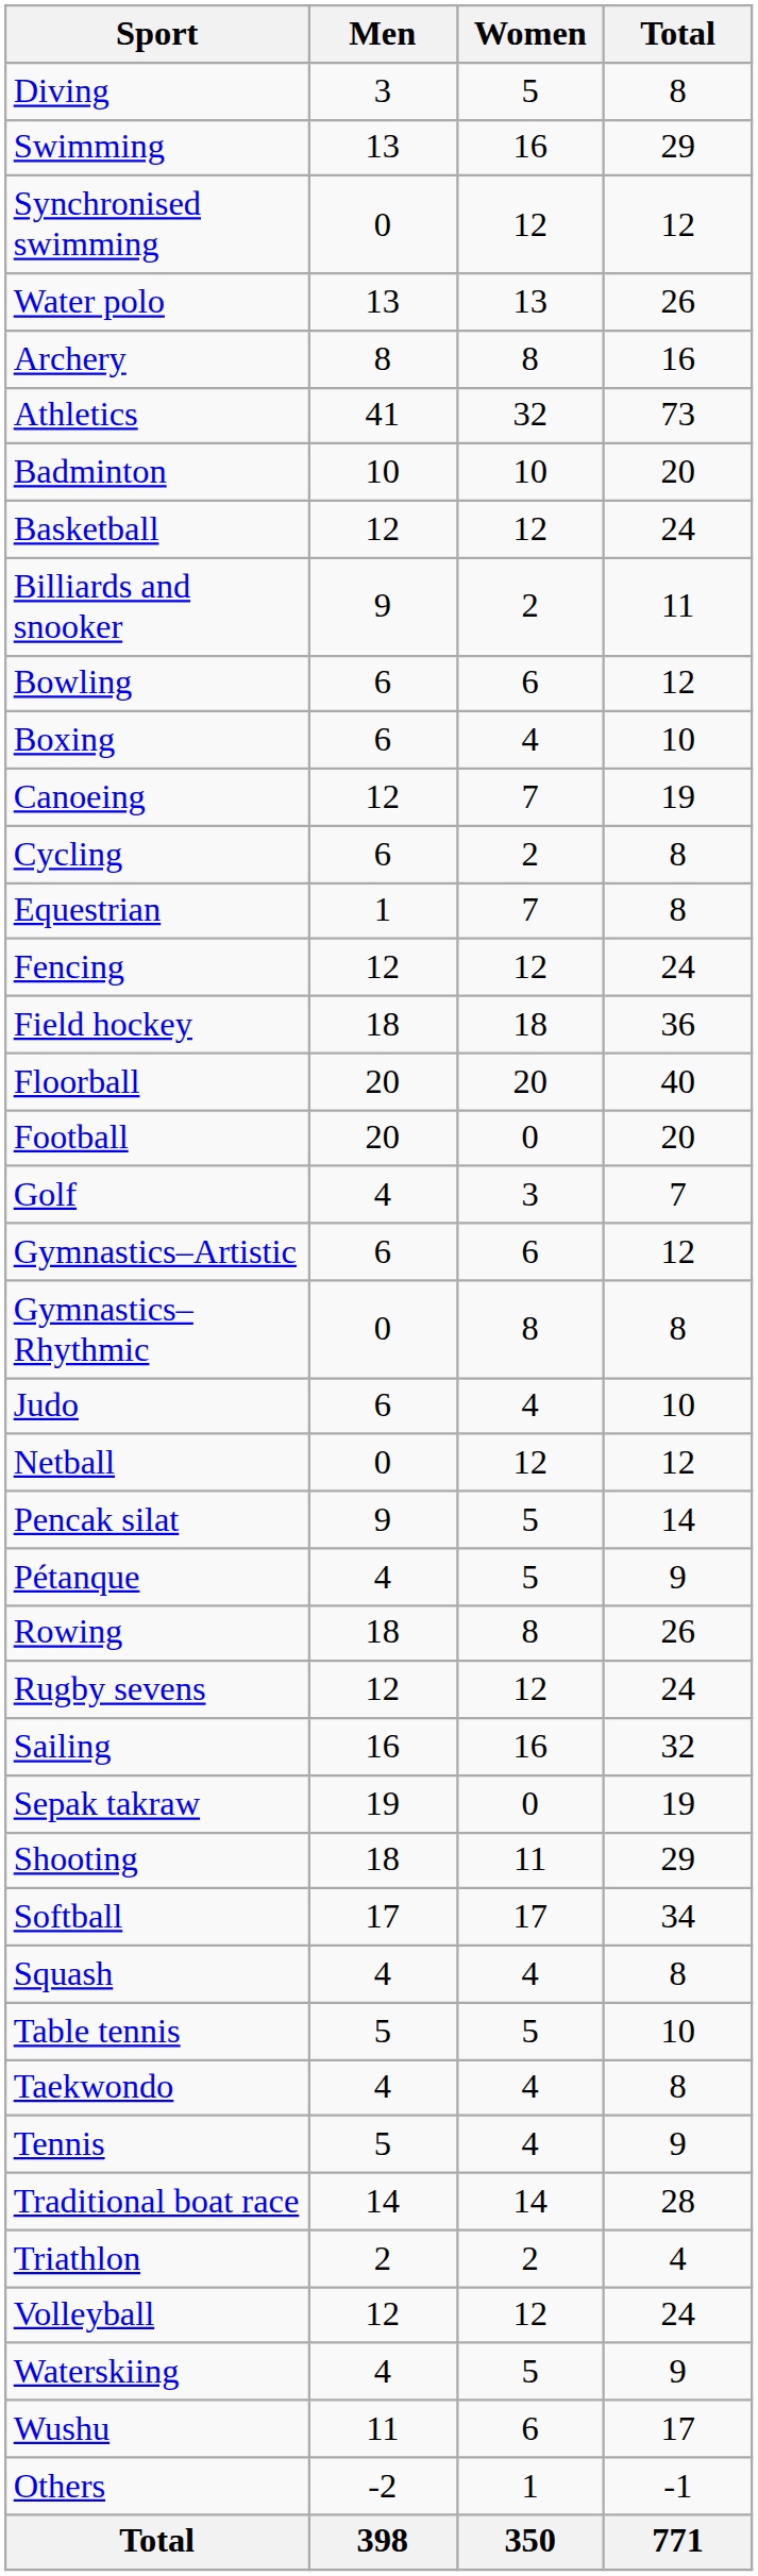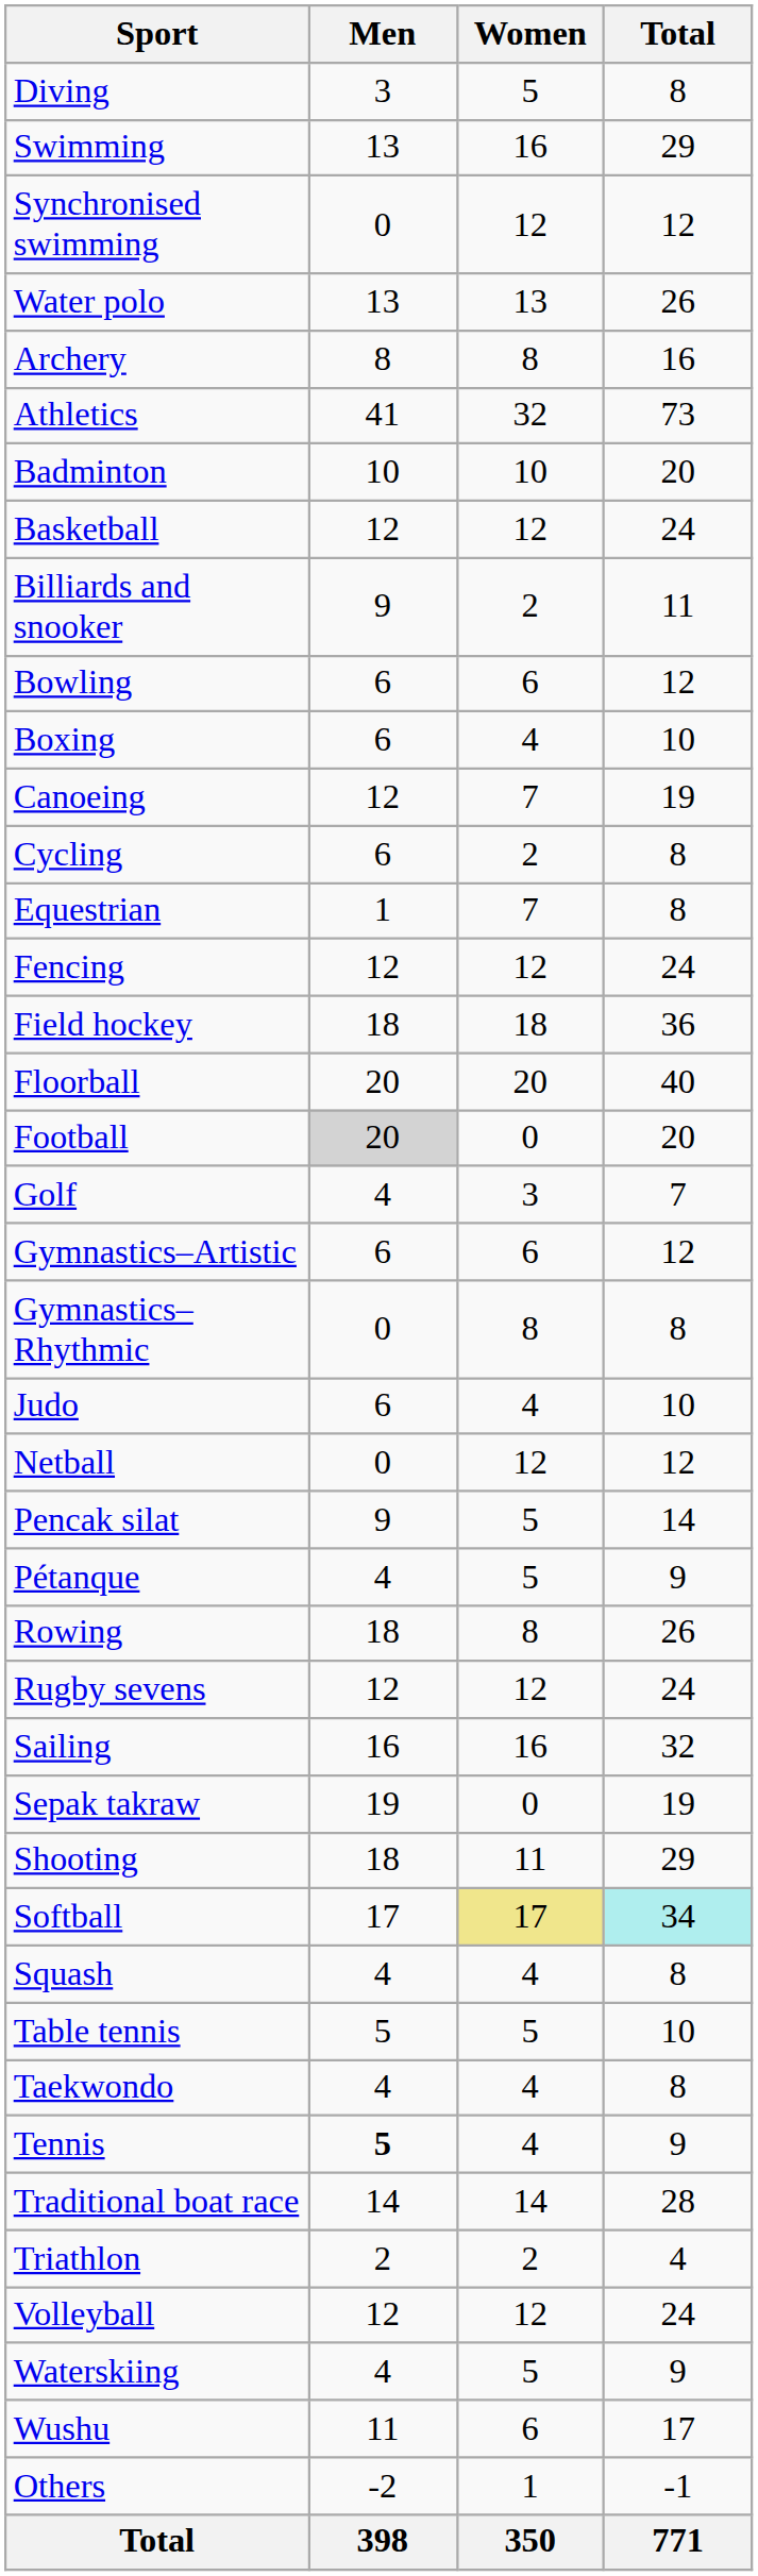 <table class="wikitable sortable" style="font-size:90%; text-align:center;">
 <tr>
 <th width=120>Sport</th>
 <th width=55>Men</th>
 <th width=55>Women</th>
 <th width=55>Total</th>
 </tr>
 <tr>
 <td align=left><a href='#'>Diving</a></td>
 <td>3</td>
 <td>5</td>
 <td>8</td>
 </tr>
 <tr>
 <td align=left><a href='#'>Swimming</a></td>
 <td>13</td>
 <td>16</td>
 <td>29</td>
 </tr>
 <tr>
 <td align=left><a href='#'>Synchronised swimming</a></td>
 <td>0</td>
 <td>12</td>
 <td>12</td>
 </tr>
 <tr>
 <td align=left><a href='#'>Water polo</a></td>
 <td>13</td>
 <td>13</td>
 <td>26</td>
 </tr>
 <tr>
 <td align=left><a href='#'>Archery</a></td>
 <td>8</td>
 <td>8</td>
 <td>16</td>
 </tr>
 <tr>
 <td align=left><a href='#'>Athletics</a></td>
 <td>41</td>
 <td>32</td>
 <td>73</td>
 </tr>
 <tr>
 <td align=left><a href='#'>Badminton</a></td>
 <td>10</td>
 <td>10</td>
 <td>20</td>
 </tr>
 <tr>
 <td align=left><a href='#'>Basketball</a></td>
 <td>12</td>
 <td>12</td>
 <td>24</td>
 </tr>
 <tr>
 <td align=left><a href='#'>Billiards and snooker</a></td>
 <td>9</td>
 <td>2</td>
 <td>11</td>
 </tr>
 <tr>
 <td align=left><a href='#'>Bowling</a></td>
 <td>6</td>
 <td>6</td>
 <td>12</td>
 </tr>
 <tr>
 <td align=left><a href='#'>Boxing</a></td>
 <td>6</td>
 <td>4</td>
 <td>10</td>
 </tr>
 <tr>
 <td align=left><a href='#'>Canoeing</a></td>
 <td>12</td>
 <td>7</td>
 <td>19</td>
 </tr>
 <tr>
 <td align=left><a href='#'>Cycling</a></td>
 <td>6</td>
 <td>2</td>
 <td>8</td>
 </tr>
 <tr>
 <td align=left><a href='#'>Equestrian</a></td>
 <td>1</td>
 <td>7</td>
 <td>8</td>
 </tr>
 <tr>
 <td align=left><a href='#'>Fencing</a></td>
 <td>12</td>
 <td>12</td>
 <td>24</td>
 </tr>
 <tr>
 <td align=left><a href='#'>Field hockey</a></td>
 <td>18</td>
 <td>18</td>
 <td>36</td>
 </tr>
 <tr>
 <td align=left><a href='#'>Floorball</a></td>
 <td>20</td>
 <td>20</td>
 <td>40</td>
 </tr>
 <tr>
 <td align=left><a href='#'>Football</a></td>
-<td>20</td>
+<td style="background: lightgrey;">20</td>
 <td>0</td>
 <td>20</td>
 </tr>
 <tr>
 <td align=left><a href='#'>Golf</a></td>
 <td>4</td>
 <td>3</td>
 <td>7</td>
 </tr>
 <tr>
 <td align=left><a href='#'>Gymnastics–Artistic</a></td>
 <td>6</td>
 <td>6</td>
 <td>12</td>
 </tr>
 <tr>
 <td align=left><a href='#'>Gymnastics–Rhythmic</a></td>
 <td>0</td>
 <td>8</td>
 <td>8</td>
 </tr>
 <tr>
 <td align=left><a href='#'>Judo</a></td>
 <td>6</td>
 <td>4</td>
 <td>10</td>
 </tr>
 <tr>
 <td align=left><a href='#'>Netball</a></td>
 <td>0</td>
 <td>12</td>
 <td>12</td>
 </tr>
 <tr>
 <td align=left><a href='#'>Pencak silat</a></td>
 <td>9</td>
 <td>5</td>
 <td>14</td>
 </tr>
 <tr>
 <td align=left><a href='#'>Pétanque</a></td>
 <td>4</td>
 <td>5</td>
 <td>9</td>
 </tr>
 <tr>
 <td align=left><a href='#'>Rowing</a></td>
 <td>18</td>
 <td>8</td>
 <td>26</td>
 </tr>
 <tr>
 <td align=left><a href='#'>Rugby sevens</a></td>
 <td>12</td>
 <td>12</td>
 <td>24</td>
 </tr>
 <tr>
 <td align=left><a href='#'>Sailing</a></td>
 <td>16</td>
 <td>16</td>
 <td>32</td>
 </tr>
 <tr>
 <td align=left><a href='#'>Sepak takraw</a></td>
 <td>19</td>
 <td>0</td>
 <td>19</td>
 </tr>
 <tr>
 <td align=left><a href='#'>Shooting</a></td>
 <td>18</td>
 <td>11</td>
 <td>29</td>
 </tr>
 <tr>
 <td align=left><a href='#'>Softball</a></td>
 <td>17</td>
-<td>17</td>
-<td>34</td>
+<td style="background: khaki;">17</td>
+<td style="background: paleturquoise;">34</td>
 </tr>
 <tr>
 <td align=left><a href='#'>Squash</a></td>
 <td>4</td>
 <td>4</td>
 <td>8</td>
 </tr>
 <tr>
 <td align=left><a href='#'>Table tennis</a></td>
 <td>5</td>
 <td>5</td>
 <td>10</td>
 </tr>
 <tr>
 <td align=left><a href='#'>Taekwondo</a></td>
 <td>4</td>
 <td>4</td>
 <td>8</td>
 </tr>
 <tr>
 <td align=left><a href='#'>Tennis</a></td>
-<td>5</td>
+<td><strong>5</strong></td>
 <td>4</td>
 <td>9</td>
 </tr>
 <tr>
 <td align=left><a href='#'>Traditional boat race</a></td>
 <td>14</td>
 <td>14</td>
 <td>28</td>
 </tr>
 <tr>
 <td align=left><a href='#'>Triathlon</a></td>
 <td>2</td>
 <td>2</td>
 <td>4</td>
 </tr>
 <tr>
 <td align=left><a href='#'>Volleyball</a></td>
 <td>12</td>
 <td>12</td>
 <td>24</td>
 </tr>
 <tr>
 <td align=left><a href='#'>Waterskiing</a></td>
 <td>4</td>
 <td>5</td>
 <td>9</td>
 </tr>
 <tr>
 <td align=left><a href='#'>Wushu</a></td>
 <td>11</td>
 <td>6</td>
 <td>17</td>
 </tr>
 <tr>
 <td align=left><a href='#'>Others</a></td>
 <td>-2</td>
 <td>1</td>
 <td>-1</td>
 </tr>
 <tr class="sortbottom">
 <th>Total</th>
 <th>398</th>
 <th>350</th>
 <th>771</th>
 </tr>
 </table>
